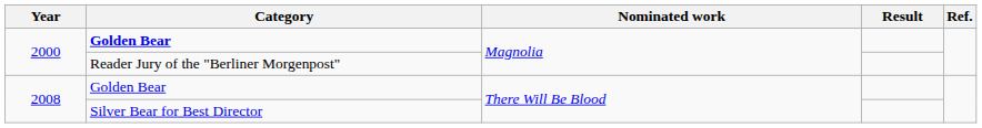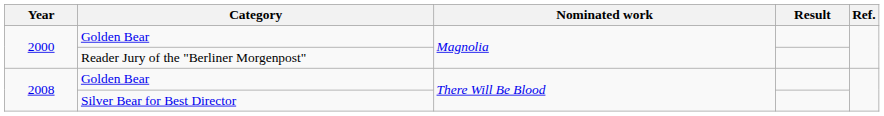 <table class=wikitable>
 <tr>
 <th scope="col" style="width:5em;">Year</th>
 <th scope="col" style="width:26em;">Category</th>
 <th scope="col" style="width:25em;">Nominated work</th>
 <th scope="col" style="width:5em;">Result</th>
 <th>Ref.</th>
 </tr>
 <tr>
 <td style="text-align:center;" rowspan="2"><a href='#'>2000</a></td>
-<td><strong><a href='#'>Golden Bear</a></strong></td>
+<td><a href='#'>Golden Bear</a></td>
 <td rowspan="2"><em><a href='#'>Magnolia</a></em></td>
 <td></td>
 <td rowspan="2"></td>
 </tr>
 <tr>
 <td>Reader Jury of the "Berliner Morgenpost"</td>
 <td></td>
 </tr>
 <tr>
 <td style="text-align:center;" rowspan="2"><a href='#'>2008</a></td>
 <td><a href='#'>Golden Bear</a></td>
 <td rowspan="2"><em><a href='#'>There Will Be Blood</a></em></td>
 <td></td>
 <td rowspan="2"></td>
 </tr>
 <tr>
 <td><a href='#'>Silver Bear for Best Director</a></td>
 <td></td>
 </tr>
 </table>
